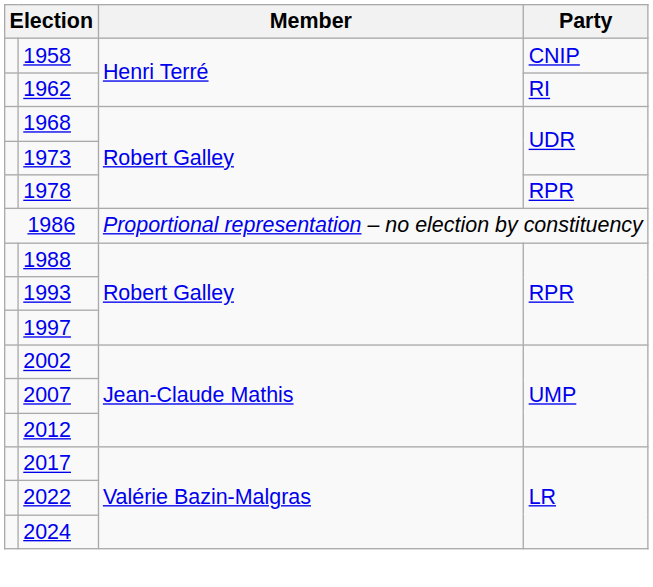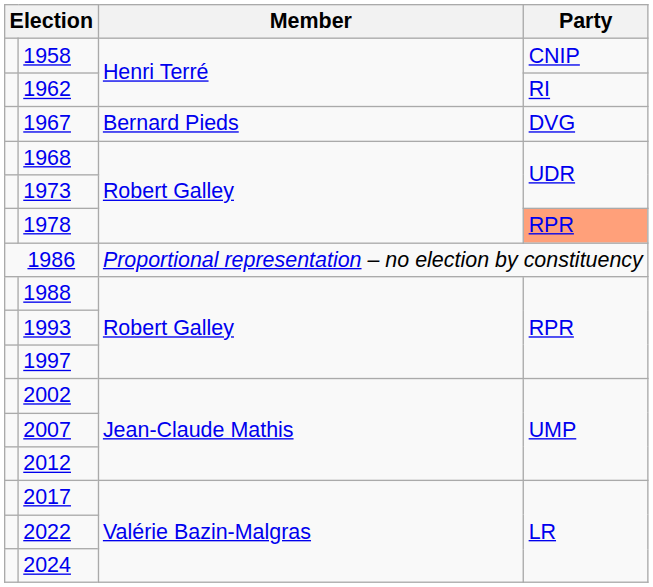 <table class="wikitable">
 <tr>
 <th colspan="2">Election</th>
 <th>Member</th>
 <th>Party</th>
 </tr>
 <tr>
 <td style="color:inherit;background-color: "></td>
 <td><a href='#'>1958</a></td>
 <td rowspan="2"><a href='#'>Henri Terré</a></td>
 <td><a href='#'>CNIP</a></td>
 </tr>
 <tr>
 <td style="color:inherit;background-color: "></td>
 <td><a href='#'>1962</a></td>
 <td><a href='#'>RI</a></td>
 </tr>
 <tr>
 <td style="color:inherit;background-color: "></td>
+<td><a href='#'>1967</a></td>
+<td><a href='#'>Bernard Pieds</a></td>
+<td><a href='#'>DVG</a></td>
+</tr>
+<tr>
+<td style="color:inherit;background-color: "></td>
 <td><a href='#'>1968</a></td>
 <td rowspan="3"><a href='#'>Robert Galley</a></td>
 <td rowspan="2"><a href='#'>UDR</a></td>
 </tr>
 <tr>
 <td style="color:inherit;background-color: "></td>
 <td><a href='#'>1973</a></td>
 </tr>
 <tr>
 <td style="color:inherit;background-color: "></td>
 <td><a href='#'>1978</a></td>
-<td><a href='#'>RPR</a></td>
+<td style="background: lightsalmon;"><a href='#'>RPR</a></td>
 </tr>
 <tr>
 <td colspan="2" align="center"><a href='#'>1986</a></td>
 <td colspan="2"><em><a href='#'>Proportional representation</a> – no election by constituency</em></td>
 </tr>
 <tr>
 <td style="color:inherit;background-color: "></td>
 <td><a href='#'>1988</a></td>
 <td rowspan="3"><a href='#'>Robert Galley</a></td>
 <td rowspan="3"><a href='#'>RPR</a></td>
 </tr>
 <tr>
 <td style="color:inherit;background-color: "></td>
 <td><a href='#'>1993</a></td>
 </tr>
 <tr>
 <td style="color:inherit;background-color: "></td>
 <td><a href='#'>1997</a></td>
 </tr>
 <tr>
 <td style="color:inherit;background-color: "></td>
 <td><a href='#'>2002</a></td>
 <td rowspan="3"><a href='#'>Jean-Claude Mathis</a></td>
 <td rowspan="3"><a href='#'>UMP</a></td>
 </tr>
 <tr>
 <td style="color:inherit;background-color: "></td>
 <td><a href='#'>2007</a></td>
 </tr>
 <tr>
 <td style="color:inherit;background-color: "></td>
 <td><a href='#'>2012</a></td>
 </tr>
 <tr>
 <td style="color:inherit;background-color: "></td>
 <td><a href='#'>2017</a></td>
 <td rowspan="3"><a href='#'>Valérie Bazin-Malgras</a></td>
 <td rowspan="3"><a href='#'>LR</a></td>
 </tr>
 <tr>
 <td style="color:inherit;background-color: "></td>
 <td><a href='#'>2022</a></td>
 </tr>
 <tr>
 <td style="color:inherit;background-color: "></td>
 <td><a href='#'>2024</a></td>
 </tr>
 </table>
